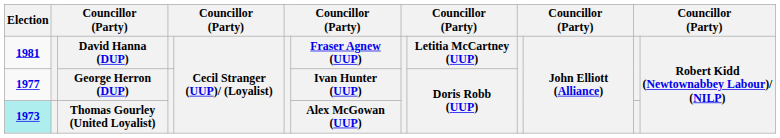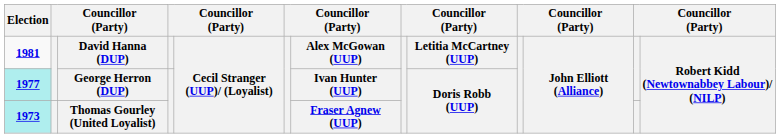 <table class="wikitable" style="text-align:center">
 <tr>
 <th scope="col" width="50">Election</th>
 <th scope="col" width="150" colspan = "2">Councillor<br> (Party)</th>
 <th scope="col" width="150" colspan = "2">Councillor<br> (Party)</th>
 <th scope="col" width="150" colspan = "2">Councillor<br> (Party)</th>
 <th scope="col" width="150" colspan = "2">Councillor<br> (Party)</th>
 <th scope="col" width="150" colspan = "2">Councillor<br> (Party)</th>
 <th scope="col" width="150" colspan = "2">Councillor<br> (Party)</th>
 </tr>
 <tr>
 <td><strong><a href='#'>1981</a></strong></td>
 <th rowspan="2" width="1" style="background-color: "></th>
 <th rowspan = "1">David Hanna <br> (<a href='#'>DUP</a>)</th>
 <th rowspan="1" width="1" style="background-color: "></th>
 <th rowspan = "3">Cecil Stranger <br> (<a href='#'>UUP</a>)/ (Loyalist)</th>
 <th rowspan="3" width="1" style="background-color: "></th>
-<th rowspan = "1"><a href='#'>Fraser Agnew</a> <br> (<a href='#'>UUP</a>)</th>
+<th rowspan = "1">Alex McGowan <br> (<a href='#'>UUP</a>)</th>
 <th rowspan="3" width="1" style="background-color: "></th>
 <th rowspan = "1">Letitia McCartney <br> (<a href='#'>UUP</a>)</th>
 <th rowspan="3" width="1" style="background-color: "></th>
 <th rowspan = "3">John Elliott <br> (<a href='#'>Alliance</a>)</th>
 <th rowspan="2" width="1" style="background-color: "></th>
 <th rowspan = "3">Robert Kidd <br> (<a href='#'>Newtownabbey Labour</a>)/ <br> (<a href='#'>NILP</a>)</th>
 </tr>
 <tr>
-<td><strong><a href='#'>1977</a></strong></td>
+<td style="background: paleturquoise;"><strong><a href='#'>1977</a></strong></td>
 <th rowspan = "1">George Herron <br> (<a href='#'>DUP</a>)</th>
 <th rowspan="2" width="1" style="background-color: "></th>
 <th rowspan = "1">Ivan Hunter <br> (<a href='#'>UUP</a>)</th>
 <th rowspan = "2">Doris Robb <br> (<a href='#'>UUP</a>)</th>
 </tr>
 <tr>
 <td style="background: paleturquoise;"><strong><a href='#'>1973</a></strong></td>
 <th rowspan="1" width="1" style="background-color: "></th>
 <th rowspan = "1">Thomas Gourley <br> (United Loyalist)</th>
-<th rowspan = "1">Alex McGowan <br> (<a href='#'>UUP</a>)</th>
+<th rowspan = "1"><a href='#'>Fraser Agnew</a> <br> (<a href='#'>UUP</a>)</th>
 <th rowspan="1" width="1" style="background-color: "></th>
 </tr>
 </table>
